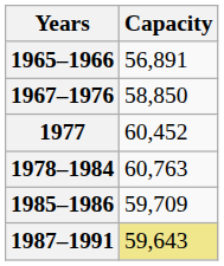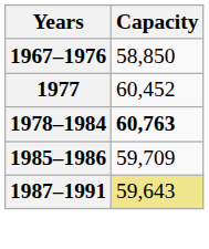 <table class="wikitable">
 <tr>
 <th scope="row">Years</th>
 <th scope="row">Capacity</th>
-</tr>
-<tr>
-<th scope="row">1965–1966</th>
-<td>56,891</td>
 </tr>
 <tr>
 <th scope="row">1967–1976</th>
 <td>58,850</td>
 </tr>
 <tr>
 <th scope="row">1977</th>
 <td>60,452</td>
 </tr>
 <tr>
 <th scope="row">1978–1984</th>
-<td>60,763</td>
+<td><strong>60,763</strong></td>
 </tr>
 <tr>
 <th scope="row">1985–1986</th>
 <td>59,709</td>
 </tr>
 <tr>
 <th scope="row">1987–1991</th>
 <td style="background: khaki;">59,643</td>
 </tr>
 </table>
